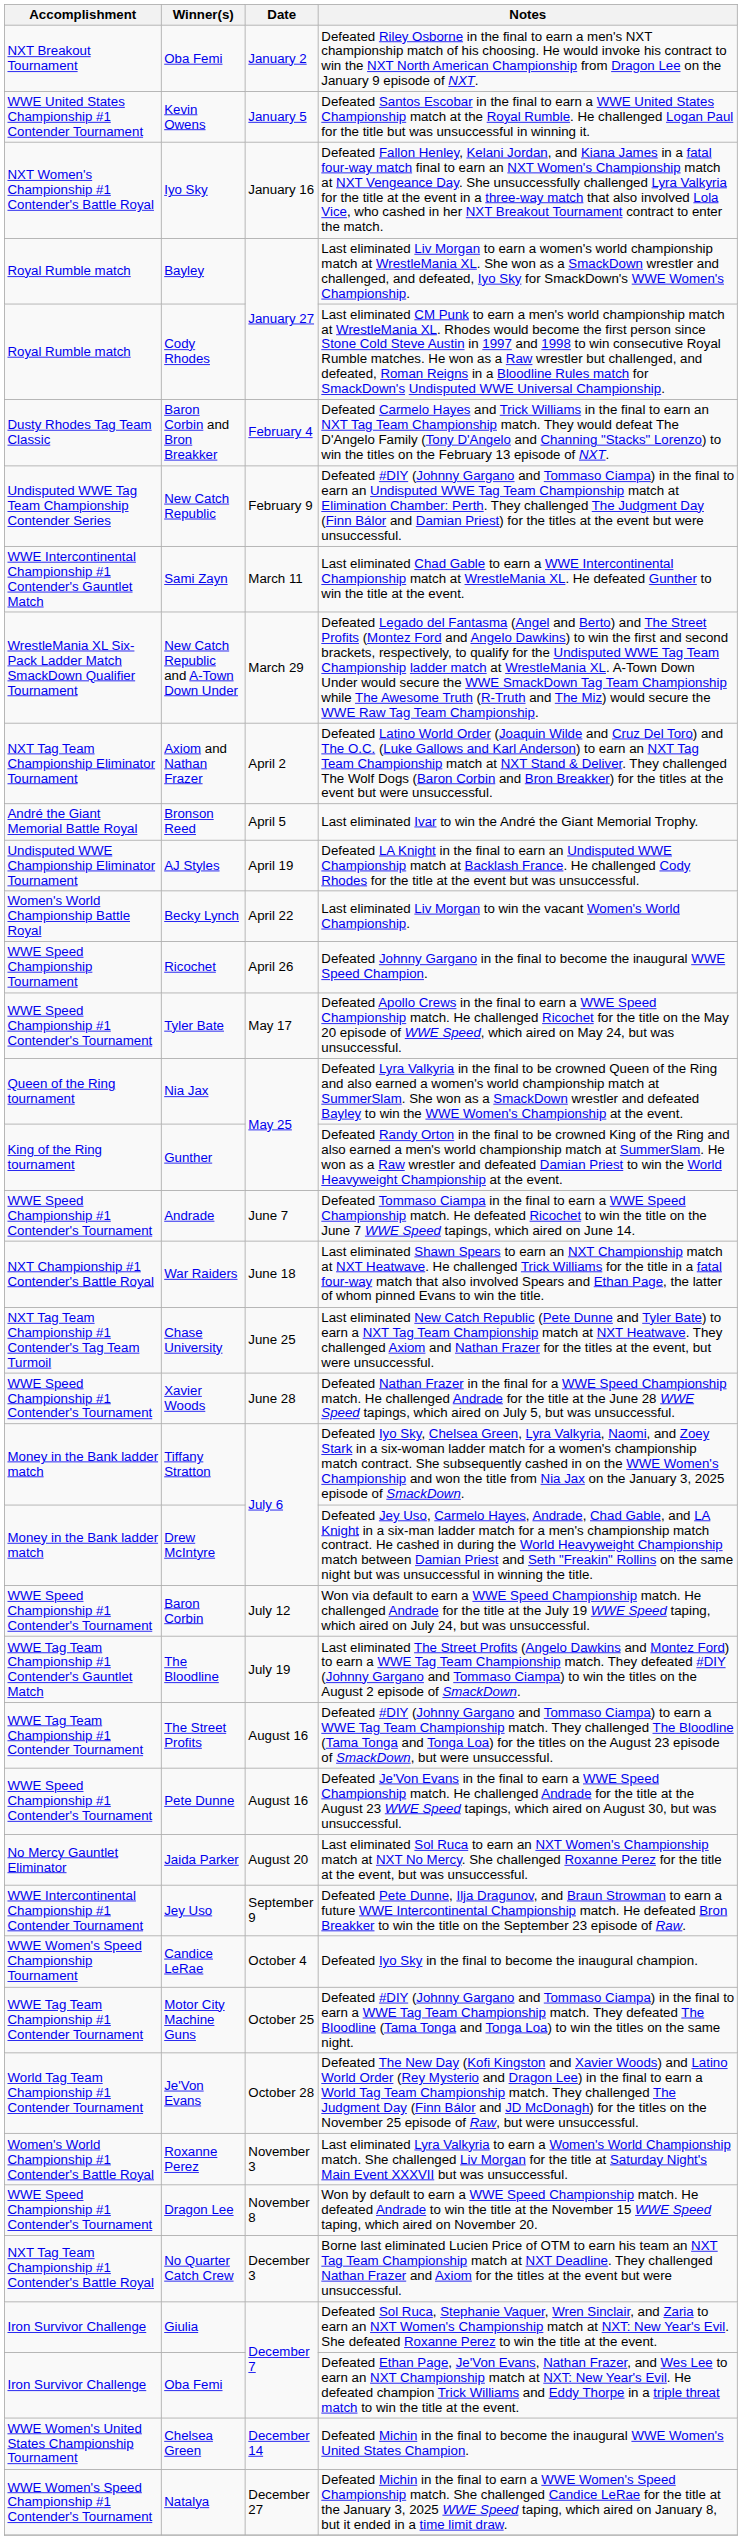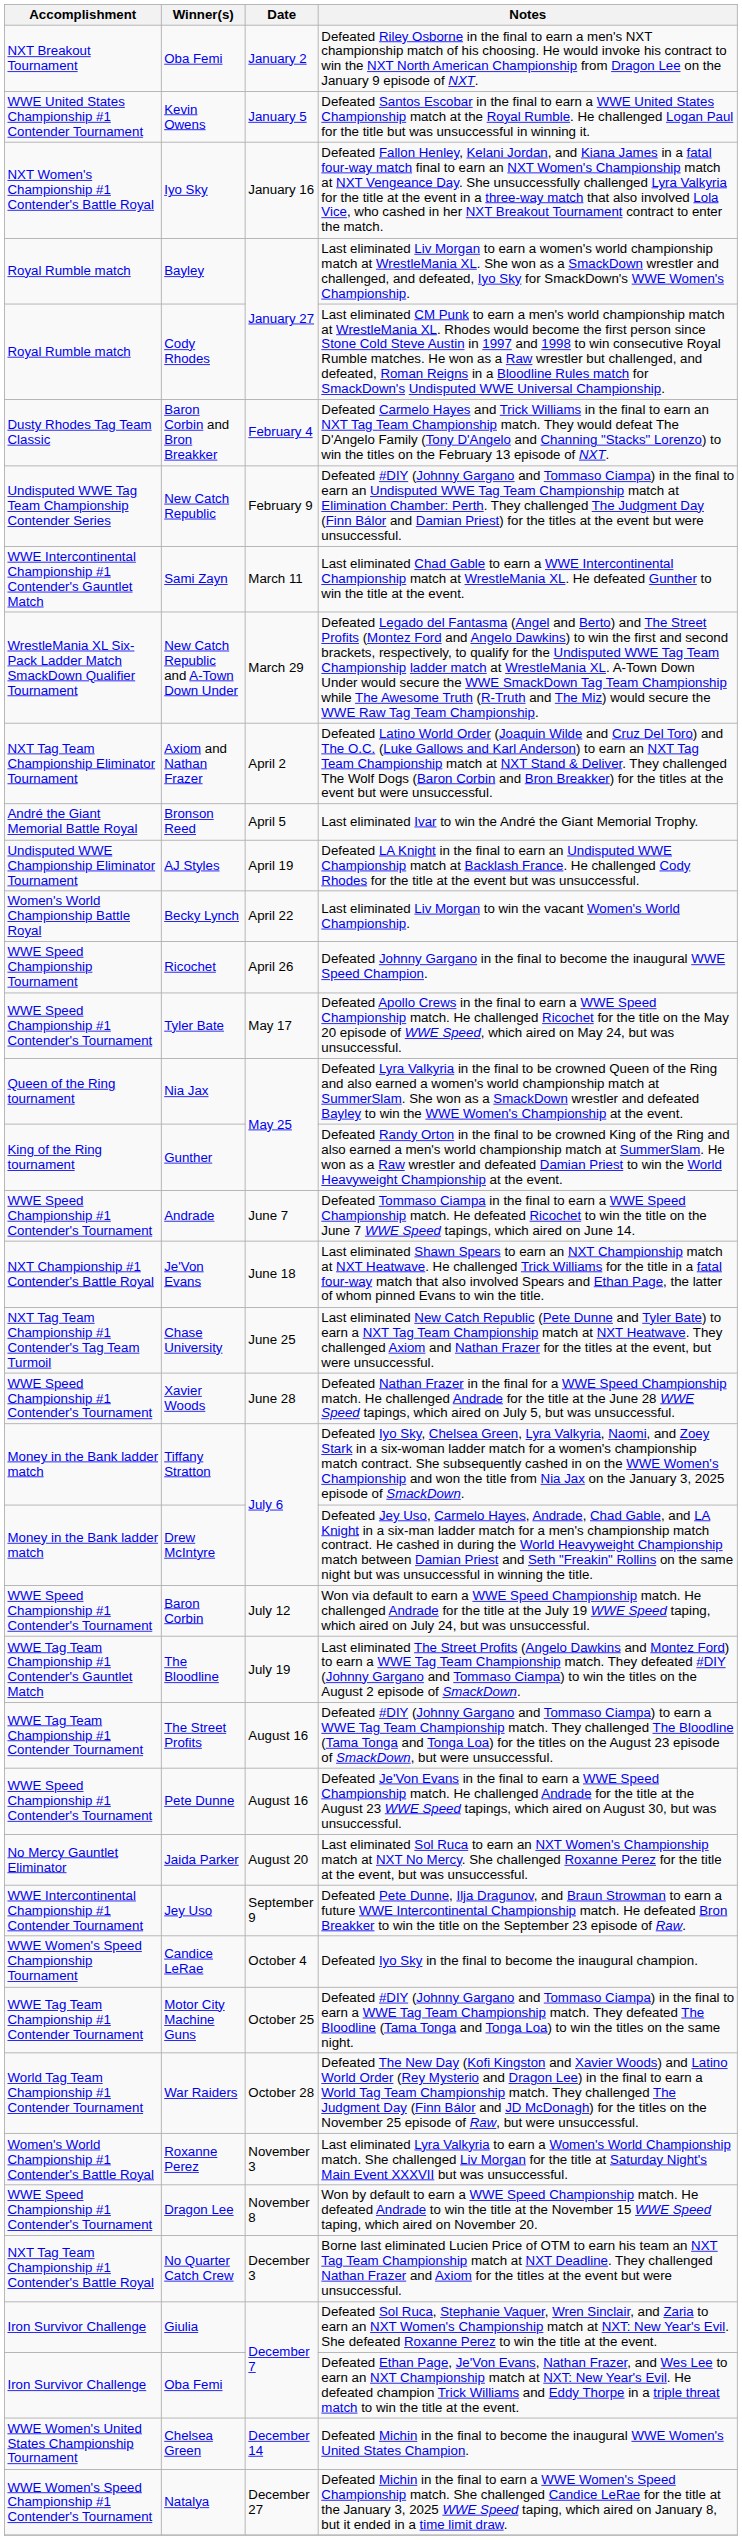 <table class="wikitable" style="width:100%;">
 <tr>
 <th>Accomplishment</th>
 <th>Winner(s)</th>
 <th>Date</th>
 <th>Notes</th>
 </tr>
 <tr>
 <td><a href='#'>NXT Breakout Tournament</a><br></td>
 <td><a href='#'>Oba Femi</a></td>
 <td><a href='#'>January 2</a></td>
 <td>Defeated <a href='#'>Riley Osborne</a> in the final to earn a men's NXT championship match of his choosing. He would invoke his contract to win the <a href='#'>NXT North American Championship</a> from <a href='#'>Dragon Lee</a> on the January 9 episode of <em><a href='#'>NXT</a></em>.</td>
 </tr>
 <tr>
 <td><a href='#'>WWE United States Championship #1 Contender Tournament</a></td>
 <td><a href='#'>Kevin Owens</a></td>
 <td><a href='#'>January 5</a></td>
 <td>Defeated <a href='#'>Santos Escobar</a> in the final to earn a <a href='#'>WWE United States Championship</a> match at the <a href='#'>Royal Rumble</a>. He challenged <a href='#'>Logan Paul</a> for the title but was unsuccessful in winning it.</td>
 </tr>
 <tr>
 <td><a href='#'>NXT Women's Championship #1 Contender's Battle Royal</a></td>
 <td><a href='#'>Iyo Sky</a></td>
 <td>January 16</td>
 <td>Defeated <a href='#'>Fallon Henley</a>, <a href='#'>Kelani Jordan</a>, and <a href='#'>Kiana James</a> in a <a href='#'>fatal four-way match</a> final to earn an <a href='#'>NXT Women's Championship</a> match at <a href='#'>NXT Vengeance Day</a>. She unsuccessfully challenged <a href='#'>Lyra Valkyria</a> for the title at the event in a <a href='#'>three-way match</a> that also involved <a href='#'>Lola Vice</a>, who cashed in her <a href='#'>NXT Breakout Tournament</a> contract to enter the match.</td>
 </tr>
 <tr>
 <td><a href='#'>Royal Rumble match</a><br></td>
 <td><a href='#'>Bayley</a></td>
 <td rowspan="2"><a href='#'>January 27</a></td>
 <td>Last eliminated <a href='#'>Liv Morgan</a> to earn a women's world championship match at <a href='#'>WrestleMania XL</a>. She won as a <a href='#'>SmackDown</a> wrestler and challenged, and defeated, <a href='#'>Iyo Sky</a> for SmackDown's <a href='#'>WWE Women's Championship</a>.</td>
 </tr>
 <tr>
 <td><a href='#'>Royal Rumble match</a><br></td>
 <td><a href='#'>Cody Rhodes</a></td>
 <td>Last eliminated <a href='#'>CM Punk</a> to earn a men's world championship match at <a href='#'>WrestleMania XL</a>. Rhodes would become the first person since <a href='#'>Stone Cold Steve Austin</a> in <a href='#'>1997</a> and <a href='#'>1998</a> to win consecutive Royal Rumble matches. He won as a <a href='#'>Raw</a> wrestler but challenged, and defeated, <a href='#'>Roman Reigns</a> in a <a href='#'>Bloodline Rules match</a> for <a href='#'>SmackDown's</a> <a href='#'>Undisputed WWE Universal Championship</a>.</td>
 </tr>
 <tr>
 <td><a href='#'>Dusty Rhodes Tag Team Classic</a><br></td>
 <td><a href='#'>Baron Corbin</a> and <a href='#'>Bron Breakker</a></td>
 <td><a href='#'>February 4</a></td>
 <td>Defeated <a href='#'>Carmelo Hayes</a> and <a href='#'>Trick Williams</a> in the final to earn an <a href='#'>NXT Tag Team Championship</a> match. They would defeat The D'Angelo Family (<a href='#'>Tony D'Angelo</a> and <a href='#'>Channing "Stacks" Lorenzo</a>) to win the titles on the February 13 episode of <em><a href='#'>NXT</a></em>.</td>
 </tr>
 <tr>
 <td><a href='#'>Undisputed WWE Tag Team Championship Contender Series</a></td>
 <td><a href='#'>New Catch Republic</a><br></td>
 <td>February 9</td>
 <td>Defeated <a href='#'>#DIY</a> (<a href='#'>Johnny Gargano</a> and <a href='#'>Tommaso Ciampa</a>) in the final to earn an <a href='#'>Undisputed WWE Tag Team Championship</a> match at <a href='#'>Elimination Chamber: Perth</a>. They challenged <a href='#'>The Judgment Day</a> (<a href='#'>Finn Bálor</a> and <a href='#'>Damian Priest</a>) for the titles at the event but were unsuccessful.</td>
 </tr>
 <tr>
 <td><a href='#'>WWE Intercontinental Championship #1 Contender's Gauntlet Match</a></td>
 <td><a href='#'>Sami Zayn</a></td>
 <td>March 11</td>
 <td>Last eliminated <a href='#'>Chad Gable</a> to earn a <a href='#'>WWE Intercontinental Championship</a> match at <a href='#'>WrestleMania XL</a>. He defeated <a href='#'>Gunther</a> to win the title at the event.</td>
 </tr>
 <tr>
 <td><a href='#'>WrestleMania XL Six-Pack Ladder Match SmackDown Qualifier Tournament</a></td>
 <td><a href='#'>New Catch Republic</a><br> and <a href='#'>A-Town Down Under</a><br></td>
 <td>March 29</td>
 <td>Defeated <a href='#'>Legado del Fantasma</a> (<a href='#'>Angel</a> and <a href='#'>Berto</a>) and <a href='#'>The Street Profits</a> (<a href='#'>Montez Ford</a> and <a href='#'>Angelo Dawkins</a>) to win the first and second brackets, respectively, to qualify for the <a href='#'>Undisputed WWE Tag Team Championship</a> <a href='#'>ladder match</a> at <a href='#'>WrestleMania XL</a>. A-Town Down Under would secure the <a href='#'>WWE SmackDown Tag Team Championship</a> while <a href='#'>The Awesome Truth</a> (<a href='#'>R-Truth</a> and <a href='#'>The Miz</a>) would secure the <a href='#'>WWE Raw Tag Team Championship</a>.</td>
 </tr>
 <tr>
 <td><a href='#'>NXT Tag Team Championship Eliminator Tournament</a></td>
 <td><a href='#'>Axiom</a> and <a href='#'>Nathan Frazer</a></td>
 <td>April 2</td>
 <td>Defeated <a href='#'>Latino World Order</a> (<a href='#'>Joaquin Wilde</a> and <a href='#'>Cruz Del Toro</a>) and <a href='#'>The O.C.</a> (<a href='#'>Luke Gallows and Karl Anderson</a>) to earn an <a href='#'>NXT Tag Team Championship</a> match at <a href='#'>NXT Stand & Deliver</a>. They challenged The Wolf Dogs (<a href='#'>Baron Corbin</a> and <a href='#'>Bron Breakker</a>) for the titles at the event but were unsuccessful.</td>
 </tr>
 <tr>
 <td><a href='#'>André the Giant Memorial Battle Royal</a></td>
 <td><a href='#'>Bronson Reed</a></td>
 <td>April 5</td>
 <td>Last eliminated <a href='#'>Ivar</a> to win the André the Giant Memorial Trophy.</td>
 </tr>
 <tr>
 <td><a href='#'>Undisputed WWE Championship Eliminator Tournament</a></td>
 <td><a href='#'>AJ Styles</a></td>
 <td>April 19</td>
 <td>Defeated <a href='#'>LA Knight</a> in the final to earn an <a href='#'>Undisputed WWE Championship</a> match at <a href='#'>Backlash France</a>. He challenged <a href='#'>Cody Rhodes</a> for the title at the event but was unsuccessful.</td>
 </tr>
 <tr>
 <td><a href='#'>Women's World Championship Battle Royal</a></td>
 <td><a href='#'>Becky Lynch</a></td>
 <td>April 22</td>
 <td>Last eliminated <a href='#'>Liv Morgan</a> to win the vacant <a href='#'>Women's World Championship</a>.</td>
 </tr>
 <tr>
 <td><a href='#'>WWE Speed Championship Tournament</a></td>
 <td><a href='#'>Ricochet</a></td>
 <td>April 26<br></td>
 <td>Defeated <a href='#'>Johnny Gargano</a> in the final to become the inaugural <a href='#'>WWE Speed Champion</a>.</td>
 </tr>
 <tr>
 <td><a href='#'>WWE Speed Championship #1 Contender's Tournament</a></td>
 <td><a href='#'>Tyler Bate</a></td>
 <td>May 17<br></td>
 <td>Defeated <a href='#'>Apollo Crews</a> in the final to earn a <a href='#'>WWE Speed Championship</a> match. He challenged <a href='#'>Ricochet</a> for the title on the May 20 episode of <em><a href='#'>WWE Speed</a></em>, which aired on May 24, but was unsuccessful.</td>
 </tr>
 <tr>
 <td><a href='#'>Queen of the Ring tournament</a></td>
 <td><a href='#'>Nia Jax</a></td>
 <td rowspan=2><a href='#'>May 25</a></td>
 <td>Defeated <a href='#'>Lyra Valkyria</a> in the final to be crowned Queen of the Ring and also earned a women's world championship match at <a href='#'>SummerSlam</a>. She won as a <a href='#'>SmackDown</a> wrestler and defeated <a href='#'>Bayley</a> to win the <a href='#'>WWE Women's Championship</a> at the event.</td>
 </tr>
 <tr>
 <td><a href='#'>King of the Ring tournament</a></td>
 <td><a href='#'>Gunther</a></td>
 <td>Defeated <a href='#'>Randy Orton</a> in the final to be crowned King of the Ring and also earned a men's world championship match at <a href='#'>SummerSlam</a>. He won as a <a href='#'>Raw</a> wrestler and defeated <a href='#'>Damian Priest</a> to win the <a href='#'>World Heavyweight Championship</a> at the event.</td>
 </tr>
 <tr>
 <td><a href='#'>WWE Speed Championship #1 Contender's Tournament</a></td>
 <td><a href='#'>Andrade</a></td>
 <td>June 7<br></td>
 <td>Defeated <a href='#'>Tommaso Ciampa</a> in the final to earn a <a href='#'>WWE Speed Championship</a> match. He defeated <a href='#'>Ricochet</a> to win the title on the June 7 <em><a href='#'>WWE Speed</a></em> tapings, which aired on June 14.</td>
 </tr>
 <tr>
 <td><a href='#'>NXT Championship #1 Contender's Battle Royal</a></td>
-<td><a href='#'>War Raiders</a><br></td>
+<td><a href='#'>Je'Von Evans</a></td>
 <td>June 18</td>
 <td>Last eliminated <a href='#'>Shawn Spears</a> to earn an <a href='#'>NXT Championship</a> match at <a href='#'>NXT Heatwave</a>. He challenged <a href='#'>Trick Williams</a> for the title in a <a href='#'>fatal four-way</a> match that also involved Spears and <a href='#'>Ethan Page</a>, the latter of whom pinned Evans to win the title.</td>
 </tr>
 <tr>
 <td><a href='#'>NXT Tag Team Championship #1 Contender's Tag Team Turmoil</a></td>
 <td><a href='#'>Chase University</a><br></td>
 <td>June 25</td>
 <td>Last eliminated <a href='#'>New Catch Republic</a> (<a href='#'>Pete Dunne</a> and <a href='#'>Tyler Bate</a>) to earn a <a href='#'>NXT Tag Team Championship</a> match at <a href='#'>NXT Heatwave</a>. They challenged <a href='#'>Axiom</a> and <a href='#'>Nathan Frazer</a> for the titles at the event, but were unsuccessful.</td>
 </tr>
 <tr>
 <td><a href='#'>WWE Speed Championship #1 Contender's Tournament</a></td>
 <td><a href='#'>Xavier Woods</a></td>
 <td>June 28<br></td>
 <td>Defeated <a href='#'>Nathan Frazer</a> in the final for a <a href='#'>WWE Speed Championship</a> match. He challenged <a href='#'>Andrade</a> for the title at the June 28 <em><a href='#'>WWE Speed</a></em> tapings, which aired on July 5, but was unsuccessful.</td>
 </tr>
 <tr>
 <td><a href='#'>Money in the Bank ladder match</a><br></td>
 <td><a href='#'>Tiffany Stratton</a></td>
 <td rowspan=2><a href='#'>July 6</a></td>
 <td>Defeated <a href='#'>Iyo Sky</a>, <a href='#'>Chelsea Green</a>, <a href='#'>Lyra Valkyria</a>, <a href='#'>Naomi</a>, and <a href='#'>Zoey Stark</a> in a six-woman ladder match for a women's championship match contract. She subsequently cashed in on the <a href='#'>WWE Women's Championship</a> and won the title from <a href='#'>Nia Jax</a> on the January 3, 2025 episode of <em><a href='#'>SmackDown</a></em>.</td>
 </tr>
 <tr>
 <td><a href='#'>Money in the Bank ladder match</a><br></td>
 <td><a href='#'>Drew McIntyre</a></td>
 <td>Defeated <a href='#'>Jey Uso</a>, <a href='#'>Carmelo Hayes</a>, <a href='#'>Andrade</a>, <a href='#'>Chad Gable</a>, and <a href='#'>LA Knight</a> in a six-man ladder match for a men's championship match contract. He cashed in during the <a href='#'>World Heavyweight Championship</a> match between <a href='#'>Damian Priest</a> and <a href='#'>Seth "Freakin" Rollins</a> on the same night but was unsuccessful in winning the title.</td>
 </tr>
 <tr>
 <td><a href='#'>WWE Speed Championship #1 Contender's Tournament</a></td>
 <td><a href='#'>Baron Corbin</a></td>
 <td>July 12<br></td>
 <td>Won via default to earn a <a href='#'>WWE Speed Championship</a> match. He challenged <a href='#'>Andrade</a> for the title at the July 19 <em><a href='#'>WWE Speed</a></em> taping, which aired on July 24, but was unsuccessful.</td>
 </tr>
 <tr>
 <td><a href='#'>WWE Tag Team Championship #1 Contender's Gauntlet Match</a></td>
 <td><a href='#'>The Bloodline</a><br></td>
 <td>July 19<br></td>
 <td>Last eliminated <a href='#'>The Street Profits</a> (<a href='#'>Angelo Dawkins</a> and <a href='#'>Montez Ford</a>) to earn a <a href='#'>WWE Tag Team Championship</a> match. They defeated <a href='#'>#DIY</a> (<a href='#'>Johnny Gargano</a> and <a href='#'>Tommaso Ciampa</a>) to win the titles on the August 2 episode of <em><a href='#'>SmackDown</a></em>.</td>
 </tr>
 <tr>
 <td><a href='#'>WWE Tag Team Championship #1 Contender Tournament</a></td>
 <td><a href='#'>The Street Profits</a><br></td>
 <td>August 16</td>
 <td>Defeated <a href='#'>#DIY</a> (<a href='#'>Johnny Gargano</a> and <a href='#'>Tommaso Ciampa</a>) to earn a <a href='#'>WWE Tag Team Championship</a> match. They challenged <a href='#'>The Bloodline</a> (<a href='#'>Tama Tonga</a> and <a href='#'>Tonga Loa</a>) for the titles on the August 23 episode of <em><a href='#'>SmackDown</a></em>, but were unsuccessful.</td>
 </tr>
 <tr>
 <td><a href='#'>WWE Speed Championship #1 Contender's Tournament</a></td>
 <td><a href='#'>Pete Dunne</a></td>
 <td>August 16<br></td>
 <td>Defeated <a href='#'>Je'Von Evans</a> in the final to earn a <a href='#'>WWE Speed Championship</a> match. He challenged <a href='#'>Andrade</a> for the title at the August 23 <em><a href='#'>WWE Speed</a></em> tapings, which aired on August 30, but was unsuccessful.</td>
 </tr>
 <tr>
 <td><a href='#'>No Mercy Gauntlet Eliminator</a></td>
 <td><a href='#'>Jaida Parker</a></td>
 <td>August 20</td>
 <td>Last eliminated <a href='#'>Sol Ruca</a> to earn an <a href='#'>NXT Women's Championship</a> match at <a href='#'>NXT No Mercy</a>. She challenged <a href='#'>Roxanne Perez</a> for the title at the event, but was unsuccessful.</td>
 </tr>
 <tr>
 <td><a href='#'>WWE Intercontinental Championship #1 Contender Tournament</a></td>
 <td><a href='#'>Jey Uso</a></td>
 <td>September 9</td>
 <td>Defeated <a href='#'>Pete Dunne</a>, <a href='#'>Ilja Dragunov</a>, and <a href='#'>Braun Strowman</a> to earn a future <a href='#'>WWE Intercontinental Championship</a> match. He defeated <a href='#'>Bron Breakker</a> to win the title on the September 23 episode of <em><a href='#'>Raw</a></em>.</td>
 </tr>
 <tr>
 <td><a href='#'>WWE Women's Speed Championship Tournament</a></td>
 <td><a href='#'>Candice LeRae</a></td>
 <td>October 4<br></td>
 <td>Defeated <a href='#'>Iyo Sky</a> in the final to become the inaugural champion.</td>
 </tr>
 <tr>
 <td><a href='#'>WWE Tag Team Championship #1 Contender Tournament</a></td>
 <td><a href='#'>Motor City Machine Guns</a><br></td>
 <td>October 25</td>
 <td>Defeated <a href='#'>#DIY</a> (<a href='#'>Johnny Gargano</a> and <a href='#'>Tommaso Ciampa</a>) in the final to earn a <a href='#'>WWE Tag Team Championship</a> match. They defeated <a href='#'>The Bloodline</a> (<a href='#'>Tama Tonga</a> and <a href='#'>Tonga Loa</a>) to win the titles on the same night.</td>
 </tr>
 <tr>
 <td><a href='#'>World Tag Team Championship #1 Contender Tournament</a></td>
-<td><a href='#'>Je'Von Evans</a></td>
+<td><a href='#'>War Raiders</a><br></td>
 <td>October 28</td>
 <td>Defeated <a href='#'>The New Day</a> (<a href='#'>Kofi Kingston</a> and <a href='#'>Xavier Woods</a>) and <a href='#'>Latino World Order</a> (<a href='#'>Rey Mysterio</a> and <a href='#'>Dragon Lee</a>) in the final to earn a <a href='#'>World Tag Team Championship</a> match. They challenged <a href='#'>The Judgment Day</a> (<a href='#'>Finn Bálor</a> and <a href='#'>JD McDonagh</a>) for the titles on the November 25 episode of <em><a href='#'>Raw</a></em>, but were unsuccessful.</td>
 </tr>
 <tr>
 <td><a href='#'>Women's World Championship #1 Contender's Battle Royal</a></td>
 <td><a href='#'>Roxanne Perez</a></td>
 <td>November 3<br></td>
 <td>Last eliminated <a href='#'>Lyra Valkyria</a> to earn a <a href='#'>Women's World Championship</a> match. She challenged <a href='#'>Liv Morgan</a> for the title at <a href='#'>Saturday Night's Main Event XXXVII</a> but was unsuccessful.</td>
 </tr>
 <tr>
 <td><a href='#'>WWE Speed Championship #1 Contender's Tournament</a></td>
 <td><a href='#'>Dragon Lee</a></td>
 <td>November 8<br></td>
 <td>Won by default to earn a <a href='#'>WWE Speed Championship</a> match. He defeated <a href='#'>Andrade</a> to win the title at the November 15 <em><a href='#'>WWE Speed</a></em> taping, which aired on November 20.</td>
 </tr>
 <tr>
 <td><a href='#'>NXT Tag Team Championship #1 Contender's Battle Royal</a></td>
 <td><a href='#'>No Quarter Catch Crew</a><br></td>
 <td>December 3</td>
 <td>Borne last eliminated Lucien Price of OTM to earn his team an <a href='#'>NXT Tag Team Championship</a> match at <a href='#'>NXT Deadline</a>. They challenged <a href='#'>Nathan Frazer</a> and <a href='#'>Axiom</a> for the titles at the event but were unsuccessful.</td>
 </tr>
 <tr>
 <td><a href='#'>Iron Survivor Challenge</a><br></td>
 <td><a href='#'>Giulia</a></td>
 <td rowspan=2><a href='#'>December 7</a></td>
 <td>Defeated <a href='#'>Sol Ruca</a>, <a href='#'>Stephanie Vaquer</a>, <a href='#'>Wren Sinclair</a>, and <a href='#'>Zaria</a> to earn an <a href='#'>NXT Women's Championship</a> match at <a href='#'>NXT: New Year's Evil</a>. She defeated <a href='#'>Roxanne Perez</a> to win the title at the event.</td>
 </tr>
 <tr>
 <td><a href='#'>Iron Survivor Challenge</a><br></td>
 <td><a href='#'>Oba Femi</a></td>
 <td>Defeated <a href='#'>Ethan Page</a>, <a href='#'>Je'Von Evans</a>, <a href='#'>Nathan Frazer</a>, and <a href='#'>Wes Lee</a> to earn an <a href='#'>NXT Championship</a> match at <a href='#'>NXT: New Year's Evil</a>. He defeated champion <a href='#'>Trick Williams</a> and <a href='#'>Eddy Thorpe</a> in a <a href='#'>triple threat match</a> to win the title at the event.</td>
 </tr>
 <tr>
 <td><a href='#'>WWE Women's United States Championship Tournament</a></td>
 <td><a href='#'>Chelsea Green</a></td>
 <td><a href='#'>December 14</a></td>
 <td>Defeated <a href='#'>Michin</a> in the final to become the inaugural <a href='#'>WWE Women's United States Champion</a>.</td>
 </tr>
 <tr>
 <td><a href='#'>WWE Women's Speed Championship #1 Contender's Tournament</a></td>
 <td><a href='#'>Natalya</a></td>
 <td>December 27<br></td>
 <td>Defeated <a href='#'>Michin</a> in the final to earn a <a href='#'>WWE Women's Speed Championship</a> match. She challenged <a href='#'>Candice LeRae</a> for the title at the January 3, 2025 <em><a href='#'>WWE Speed</a></em> taping, which aired on January 8, but it ended in a <a href='#'>time limit draw</a>.</td>
 </tr>
 <tr>
 </tr>
 </table>
